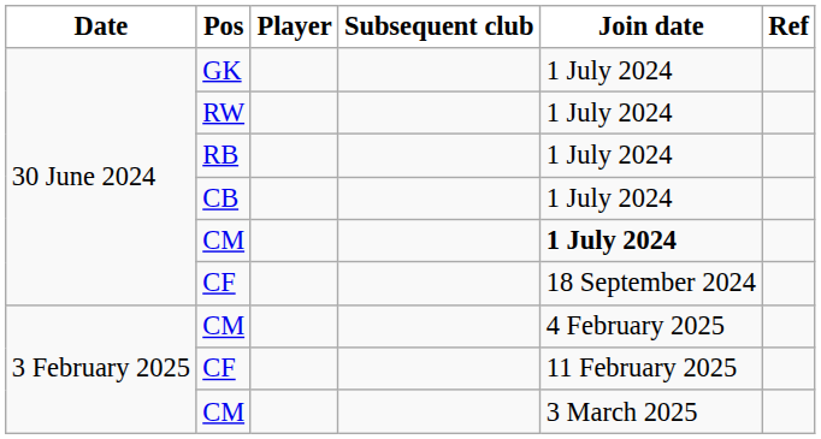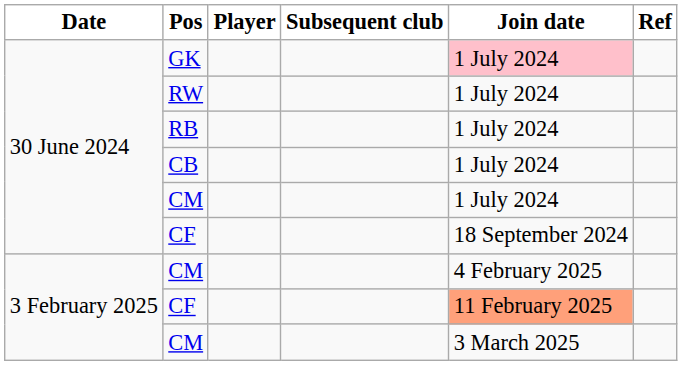 <table class="wikitable plainrowheaders sortable">
 <tr>
 <th style="background:white; color:black; ">Date</th>
 <th style="background:white; color:black; ">Pos</th>
 <th style="background:white; color:black; ">Player</th>
 <th style="background:white; color:black; ">Subsequent club</th>
 <th style="background:white; color:black; ">Join date</th>
 <th style="background:white; color:black; ">Ref</th>
 </tr>
 <tr>
 <td rowspan="6">30 June 2024</td>
 <td><a href='#'>GK</a></td>
 <td></td>
 <td></td>
-<td>1 July 2024</td>
+<td style="background: pink;">1 July 2024</td>
 <td></td>
 </tr>
 <tr>
 <td><a href='#'>RW</a></td>
 <td></td>
 <td></td>
 <td>1 July 2024</td>
 <td></td>
 </tr>
 <tr>
 <td><a href='#'>RB</a></td>
 <td></td>
 <td></td>
 <td>1 July 2024</td>
 <td></td>
 </tr>
 <tr>
 <td><a href='#'>CB</a></td>
 <td></td>
 <td></td>
 <td>1 July 2024</td>
 <td></td>
 </tr>
 <tr>
 <td><a href='#'>CM</a></td>
 <td></td>
 <td></td>
-<td><strong>1 July 2024</strong></td>
+<td>1 July 2024</td>
 <td></td>
 </tr>
 <tr>
 <td><a href='#'>CF</a></td>
 <td></td>
 <td></td>
 <td>18 September 2024</td>
 <td></td>
 </tr>
 <tr>
 <td rowspan="3">3 February 2025</td>
 <td><a href='#'>CM</a></td>
 <td></td>
 <td></td>
 <td>4 February 2025</td>
 <td></td>
 </tr>
 <tr>
 <td><a href='#'>CF</a></td>
 <td></td>
 <td></td>
-<td>11 February 2025</td>
+<td style="background: lightsalmon;">11 February 2025</td>
 <td></td>
 </tr>
 <tr>
 <td><a href='#'>CM</a></td>
 <td></td>
 <td></td>
 <td>3 March 2025</td>
 <td></td>
 </tr>
 </table>
